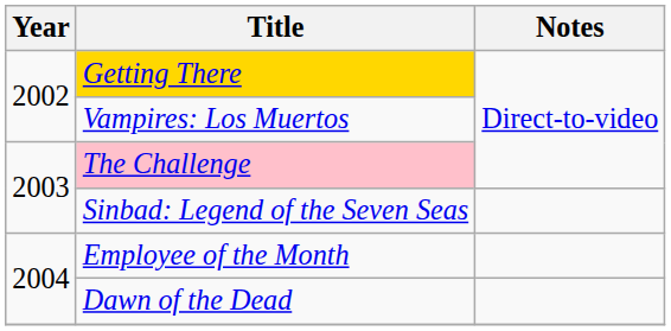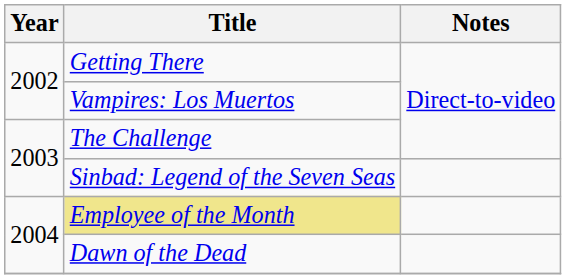 <table class="wikitable sortable">
 <tr>
 <th>Year</th>
 <th>Title</th>
 <th>Notes</th>
 </tr>
 <tr>
 <td rowspan=2>2002</td>
-<td style="background: gold;"><em><a href='#'>Getting There</a></em></td>
+<td><em><a href='#'>Getting There</a></em></td>
 <td rowspan=3><a href='#'>Direct-to-video</a></td>
 </tr>
 <tr>
 <td><em><a href='#'>Vampires: Los Muertos</a></em></td>
 </tr>
 <tr>
 <td rowspan=2>2003</td>
-<td style="background: pink;"><em><a href='#'>The Challenge</a></em></td>
+<td><em><a href='#'>The Challenge</a></em></td>
 </tr>
 <tr>
 <td><em><a href='#'>Sinbad: Legend of the Seven Seas</a></em></td>
 <td></td>
 </tr>
 <tr>
 <td rowspan=2>2004</td>
-<td><em><a href='#'>Employee of the Month</a></em></td>
+<td style="background: khaki;"><em><a href='#'>Employee of the Month</a></em></td>
 <td></td>
 </tr>
 <tr>
 <td><em><a href='#'>Dawn of the Dead</a></em></td>
 <td></td>
 </tr>
 <tr>
 </tr>
 </table>
